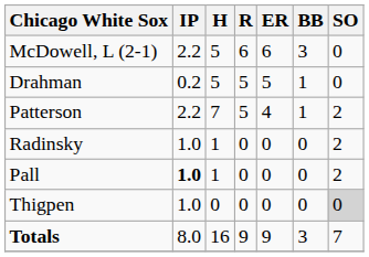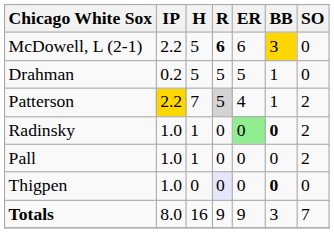 <table class="wikitable sortable">
 <tr>
 <th><strong>Chicago White Sox</strong></th>
 <th>IP</th>
 <th>H</th>
 <th>R</th>
 <th>ER</th>
 <th>BB</th>
 <th>SO</th>
 </tr>
 <tr>
 <td>McDowell, L (2-1)</td>
 <td>2.2</td>
 <td>5</td>
+<td><strong>6</strong></td>
 <td>6</td>
-<td>6</td>
-<td>3</td>
+<td style="background: gold;">3</td>
 <td>0</td>
 </tr>
 <tr>
 <td>Drahman</td>
 <td>0.2</td>
 <td>5</td>
 <td>5</td>
 <td>5</td>
 <td>1</td>
 <td>0</td>
 </tr>
 <tr>
 <td>Patterson</td>
-<td>2.2</td>
+<td style="background: gold;">2.2</td>
 <td>7</td>
-<td>5</td>
+<td style="background: lightgrey;">5</td>
 <td>4</td>
 <td>1</td>
 <td>2</td>
 </tr>
 <tr>
 <td>Radinsky</td>
 <td>1.0</td>
 <td>1</td>
 <td>0</td>
-<td>0</td>
-<td>0</td>
+<td style="background: lightgreen;">0</td>
+<td><strong>0</strong></td>
 <td>2</td>
 </tr>
 <tr>
 <td>Pall</td>
-<td><strong>1.0</strong></td>
+<td>1.0</td>
 <td>1</td>
 <td>0</td>
 <td>0</td>
 <td>0</td>
 <td>2</td>
 </tr>
 <tr>
 <td>Thigpen</td>
 <td>1.0</td>
 <td>0</td>
+<td style="background: lavender;">0</td>
 <td>0</td>
+<td><strong>0</strong></td>
 <td>0</td>
-<td>0</td>
-<td style="background: lightgrey;">0</td>
 </tr>
 <tr>
 <td><strong>Totals</strong></td>
 <td>8.0</td>
 <td>16</td>
 <td>9</td>
 <td>9</td>
 <td>3</td>
 <td>7</td>
 </tr>
 <tr>
 </tr>
 </table>
